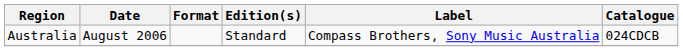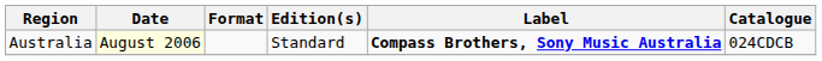 <table class="wikitable plainrowheaders">
 <tr>
 <th scope="col">Region</th>
 <th scope="col">Date</th>
 <th scope="col">Format</th>
 <th scope="col">Edition(s)</th>
 <th scope="col">Label</th>
 <th scope="col">Catalogue</th>
 </tr>
 <tr>
 <td>Australia</td>
-<td>August 2006</td>
+<td style="background: lightyellow;">August 2006</td>
 <td></td>
 <td>Standard</td>
-<td>Compass Brothers, <a href='#'>Sony Music Australia</a></td>
+<td><strong>Compass Brothers, <a href='#'>Sony Music Australia</a></strong></td>
 <td>024CDCB</td>
 </tr>
 <tr>
 </tr>
 </table>
